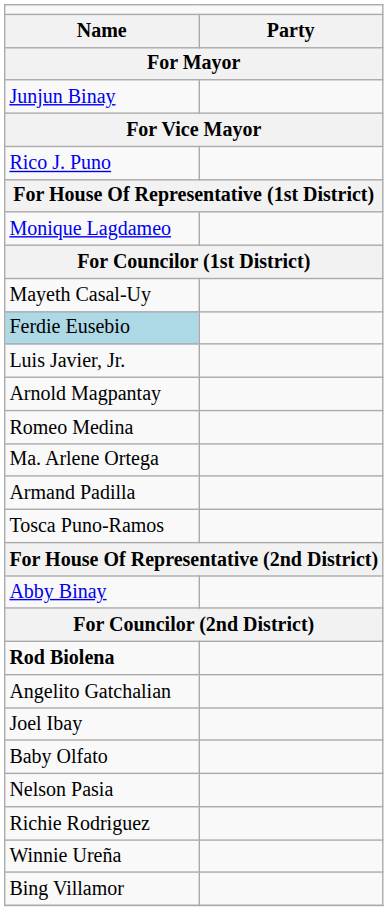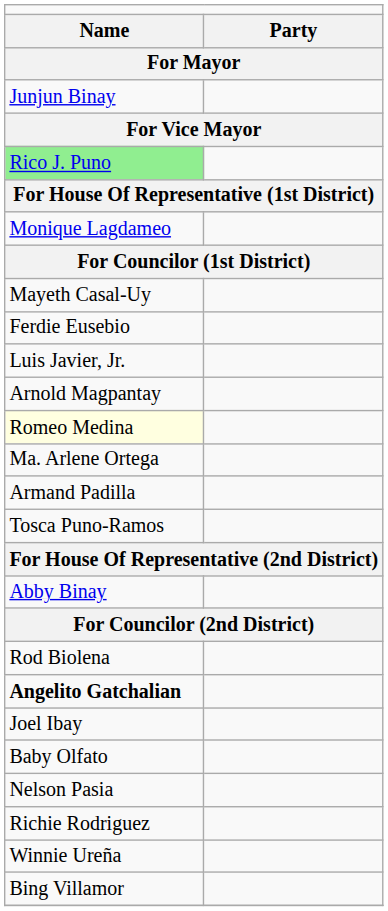 <table class=wikitable style="font-size:90%">
 <tr>
 <td colspan=5 bgcolor=></td>
 </tr>
 <tr>
 <th !width=150px>Name</th>
 <th colspan=2 width=110px>Party</th>
 </tr>
 <tr>
 <th colspan="4">For Mayor</th>
 </tr>
 <tr>
 <td><a href='#'>Junjun Binay</a></td>
 <td></td>
 </tr>
 <tr>
 <th colspan="4">For Vice Mayor</th>
 </tr>
 <tr>
-<td><a href='#'>Rico J. Puno</a></td>
+<td style="background: lightgreen;"><a href='#'>Rico J. Puno</a></td>
 <td></td>
 </tr>
 <tr>
 <th colspan="4">For House Of Representative (1st District)</th>
 </tr>
 <tr>
 <td><a href='#'>Monique Lagdameo</a></td>
 <td></td>
 </tr>
 <tr>
 <th colspan="4">For Councilor (1st District)</th>
 </tr>
 <tr>
 <td>Mayeth Casal-Uy</td>
 <td></td>
 </tr>
 <tr>
-<td style="background: lightblue;">Ferdie Eusebio</td>
+<td>Ferdie Eusebio</td>
 <td></td>
 </tr>
 <tr>
 <td>Luis Javier, Jr.</td>
 <td></td>
 </tr>
 <tr>
 <td>Arnold Magpantay</td>
 <td></td>
 </tr>
 <tr>
-<td>Romeo Medina</td>
+<td style="background: lightyellow;">Romeo Medina</td>
 <td></td>
 </tr>
 <tr>
 <td>Ma. Arlene Ortega</td>
 <td></td>
 </tr>
 <tr>
 <td>Armand Padilla</td>
 <td></td>
 </tr>
 <tr>
 <td>Tosca Puno-Ramos</td>
 <td></td>
 </tr>
 <tr>
 <th colspan="4">For House Of Representative (2nd District)</th>
 </tr>
 <tr>
 <td><a href='#'>Abby Binay</a></td>
 <td></td>
 </tr>
 <tr>
 <th colspan="4">For Councilor (2nd District)</th>
 </tr>
 <tr>
-<td><strong>Rod Biolena</strong></td>
+<td>Rod Biolena</td>
 <td></td>
 </tr>
 <tr>
-<td>Angelito Gatchalian</td>
+<td><strong>Angelito Gatchalian</strong></td>
 <td></td>
 </tr>
 <tr>
 <td>Joel Ibay</td>
 <td></td>
 </tr>
 <tr>
 <td>Baby Olfato</td>
 <td></td>
 </tr>
 <tr>
 <td>Nelson Pasia</td>
 <td></td>
 </tr>
 <tr>
 <td>Richie Rodriguez</td>
 <td></td>
 </tr>
 <tr>
 <td>Winnie Ureña</td>
 <td></td>
 </tr>
 <tr>
 <td>Bing Villamor</td>
 <td></td>
 </tr>
 <tr>
 </tr>
 </table>
